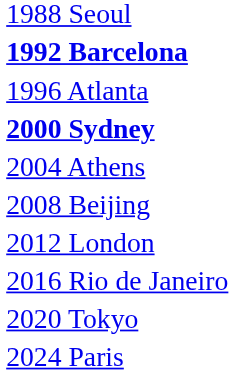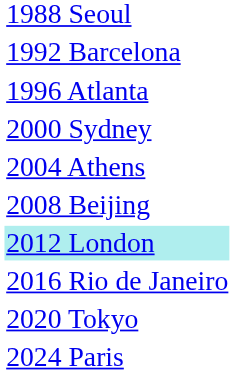 <table>
 <tr>
 <td><a href='#'>1988 Seoul</a><br></td>
 <td></td>
 <td></td>
 <td></td>
 </tr>
 <tr>
-<td><strong><a href='#'>1992 Barcelona</a><br></strong></td>
+<td><a href='#'>1992 Barcelona</a><br></td>
 <td></td>
 <td></td>
 <td></td>
 </tr>
 <tr>
 <td><a href='#'>1996 Atlanta</a><br></td>
 <td></td>
 <td></td>
 <td></td>
 </tr>
 <tr>
-<td><strong><a href='#'>2000 Sydney</a><br></strong></td>
+<td><a href='#'>2000 Sydney</a><br></td>
 <td></td>
 <td></td>
 <td></td>
 </tr>
 <tr>
 <td><a href='#'>2004 Athens</a><br></td>
 <td></td>
 <td></td>
 <td></td>
 </tr>
 <tr>
 <td><a href='#'>2008 Beijing</a><br></td>
 <td></td>
 <td></td>
 <td></td>
 </tr>
 <tr>
-<td><a href='#'>2012 London</a><br></td>
+<td style="background: paleturquoise;"><a href='#'>2012 London</a><br></td>
 <td></td>
 <td></td>
 <td></td>
 </tr>
 <tr>
 <td><a href='#'>2016 Rio de Janeiro</a><br></td>
 <td></td>
 <td></td>
 <td></td>
 </tr>
 <tr>
 <td><a href='#'>2020 Tokyo</a><br></td>
 <td></td>
 <td></td>
 <td></td>
 </tr>
 <tr>
 <td><a href='#'>2024 Paris</a><br></td>
 <td></td>
 <td></td>
 <td></td>
 </tr>
 </table>
